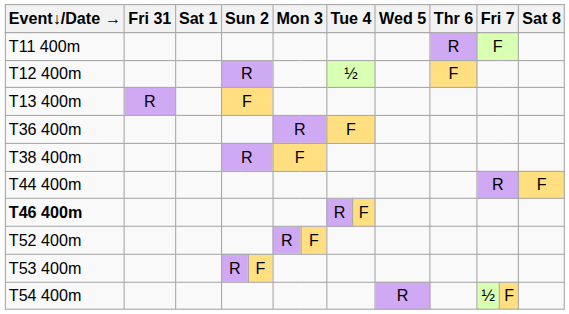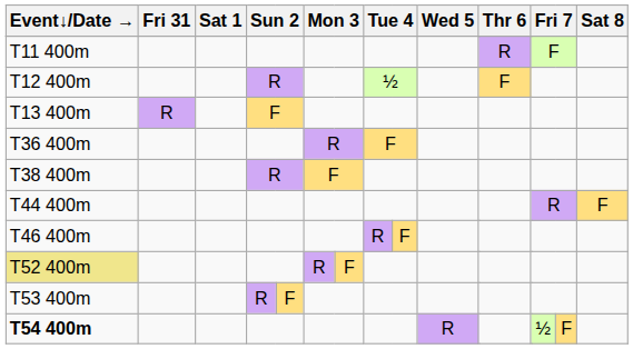 <table class="wikitable" style="margin:0.5em auto; font-size:90%; line-height:1.25em;">
 <tr align="center">
 <th>Event↓/Date →</th>
 <th colspan=2>Fri 31</th>
 <th colspan=2>Sat 1</th>
 <th colspan=2>Sun 2</th>
 <th colspan=2>Mon 3</th>
 <th colspan=2>Tue 4</th>
 <th colspan=2>Wed 5</th>
 <th colspan=2>Thr 6</th>
 <th colspan=2>Fri 7</th>
 <th colspan=2>Sat 8</th>
 </tr>
 <tr>
 </tr>
 <tr align="center">
 <td align="left">T11 400m</td>
 <td colspan=2></td>
 <td colspan=2></td>
 <td colspan=2></td>
 <td colspan=2></td>
 <td colspan=2></td>
 <td colspan=2></td>
 <td colspan=2 bgcolor="#D0A9F5">R</td>
 <td colspan=2 bgcolor="#D9FFB2">F</td>
 <td colspan=2></td>
 </tr>
 <tr align="center">
 <td align="left">T12 400m</td>
 <td colspan=2></td>
 <td colspan=2></td>
 <td colspan=2 bgcolor="#D0A9F5">R</td>
 <td colspan=2></td>
 <td colspan=2 bgcolor="#D9FFB2">½</td>
 <td colspan=2></td>
 <td colspan=2 bgcolor="#FFDF80">F</td>
 <td colspan=2></td>
 <td colspan=2></td>
 </tr>
 <tr align="center">
 <td align="left">T13 400m</td>
 <td colspan=2 bgcolor="#D0A9F5">R</td>
 <td colspan=2></td>
 <td colspan=2 bgcolor="#FFDF80">F</td>
 <td colspan=2></td>
 <td colspan=2></td>
 <td colspan=2></td>
 <td colspan=2></td>
 <td colspan=2></td>
 <td colspan=2></td>
 </tr>
 <tr align="center">
 <td align="left">T36 400m</td>
 <td colspan=2></td>
 <td colspan=2></td>
 <td colspan=2></td>
 <td colspan=2 bgcolor="#D0A9F5">R</td>
 <td colspan=2 bgcolor="#FFDF80">F</td>
 <td colspan=2></td>
 <td colspan=2></td>
 <td colspan=2></td>
 <td colspan=2></td>
 </tr>
 <tr align="center">
 <td align="left">T38 400m</td>
 <td colspan=2></td>
 <td colspan=2></td>
 <td colspan=2 bgcolor="#D0A9F5">R</td>
 <td colspan=2 bgcolor="#FFDF80">F</td>
 <td colspan=2></td>
 <td colspan=2></td>
 <td colspan=2></td>
 <td colspan=2></td>
 <td colspan=2></td>
 </tr>
 <tr align="center">
 <td align="left">T44 400m</td>
 <td colspan=2></td>
 <td colspan=2></td>
 <td colspan=2></td>
 <td colspan=2></td>
 <td colspan=2></td>
 <td colspan=2></td>
 <td colspan=2></td>
 <td colspan=2 bgcolor="#D0A9F5">R</td>
 <td colspan=2 bgcolor="#FFDF80">F</td>
 </tr>
 <tr align="center">
-<td align="left"><strong>T46 400m</strong></td>
+<td align="left">T46 400m</td>
 <td colspan=2></td>
 <td colspan=2></td>
 <td colspan=2></td>
 <td colspan=2></td>
 <td bgcolor="#D0A9F5">R</td>
 <td bgcolor="#FFDF80">F</td>
 <td colspan=2></td>
 <td colspan=2></td>
 <td colspan=2></td>
 <td colspan=2></td>
 </tr>
 <tr align="center">
-<td align="left">T52 400m</td>
+<td align="left" style="background: khaki;">T52 400m</td>
 <td colspan=2></td>
 <td colspan=2></td>
 <td colspan=2></td>
 <td bgcolor="#D0A9F5">R</td>
 <td bgcolor="#FFDF80">F</td>
 <td colspan=2></td>
 <td colspan=2></td>
 <td colspan=2></td>
 <td colspan=2></td>
 <td colspan=2></td>
 </tr>
 <tr align="center">
 <td align="left">T53 400m</td>
 <td colspan=2></td>
 <td colspan=2></td>
 <td bgcolor="#D0A9F5">R</td>
 <td bgcolor="#FFDF80">F</td>
 <td colspan=2></td>
 <td colspan=2></td>
 <td colspan=2></td>
 <td colspan=2></td>
 <td colspan=2></td>
 <td colspan=2></td>
 </tr>
 <tr align="center">
-<td align="left">T54 400m</td>
+<td align="left"><strong>T54 400m</strong></td>
 <td colspan=2></td>
 <td colspan=2></td>
 <td colspan=2></td>
 <td colspan=2></td>
 <td colspan=2></td>
 <td colspan=2 bgcolor="#D0A9F5">R</td>
 <td colspan=2></td>
 <td bgcolor="#D9FFB2">½</td>
 <td bgcolor="#FFDF80">F</td>
 <td colspan=2></td>
 </tr>
 </table>
